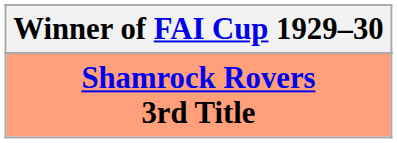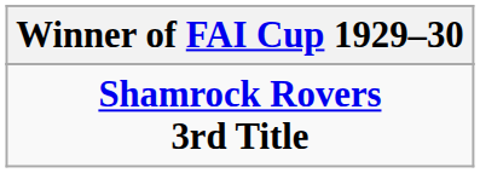 <table class="wikitable" style="text-align: center; margin: 0 auto;">
 <tr>
 <th>Winner of <a href='#'>FAI Cup</a> 1929–30</th>
 </tr>
 <tr>
 </tr>
 <tr>
-<td style="background: lightsalmon;"><strong><a href='#'>Shamrock Rovers</a></strong><br><strong>3rd Title</strong></td>
+<td><strong><a href='#'>Shamrock Rovers</a></strong><br><strong>3rd Title</strong></td>
 </tr>
 </table>
